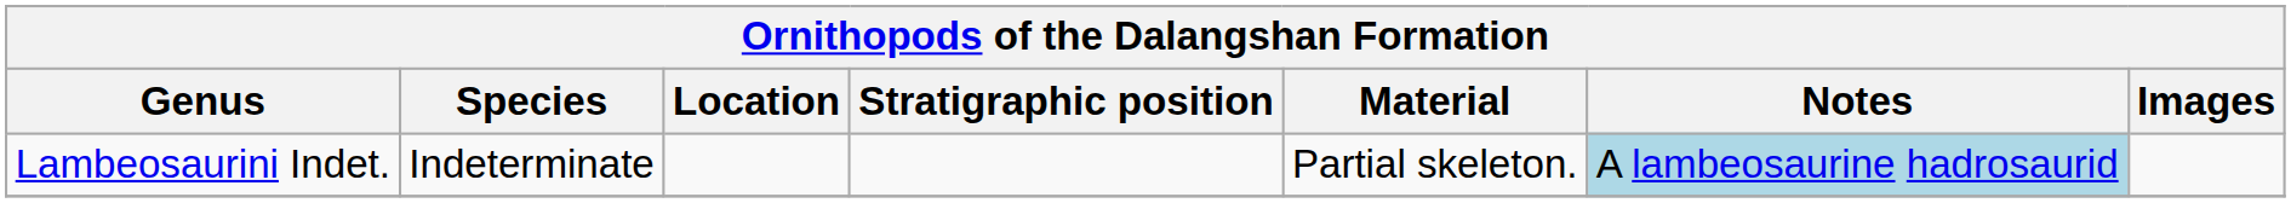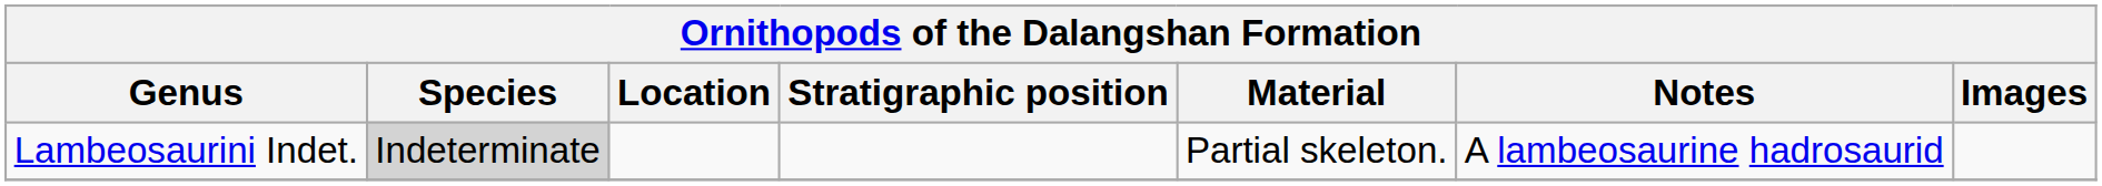 <table class="wikitable" align="center">
 <tr>
 <th colspan="7" align="center"><a href='#'>Ornithopods</a> of the Dalangshan Formation</th>
 </tr>
 <tr>
 <th>Genus</th>
 <th>Species</th>
 <th>Location</th>
 <th>Stratigraphic position</th>
 <th>Material</th>
 <th>Notes</th>
 <th>Images</th>
 </tr>
 <tr>
 <td><a href='#'>Lambeosaurini</a> Indet.</td>
-<td>Indeterminate</td>
+<td style="background: lightgrey;">Indeterminate</td>
 <td></td>
 <td></td>
 <td>Partial skeleton.</td>
-<td style="background: lightblue;">A <a href='#'>lambeosaurine</a> <a href='#'>hadrosaurid</a></td>
+<td>A <a href='#'>lambeosaurine</a> <a href='#'>hadrosaurid</a></td>
 <td></td>
 </tr>
 <tr>
 </tr>
 </table>
